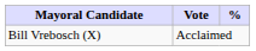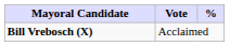 <table class="wikitable">
 <tr>
 <th style="background:#ddf; width:200px;">Mayoral Candidate</th>
 <th style="background:#ddf; width:50px;">Vote</th>
 <th style="background:#ddf; width:30px;">%</th>
 </tr>
 <tr>
-<td>Bill Vrebosch (X)</td>
+<td><strong>Bill Vrebosch (X)</strong></td>
 <td colspan="2">Acclaimed</td>
 </tr>
 </table>
